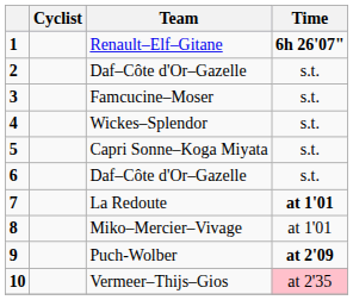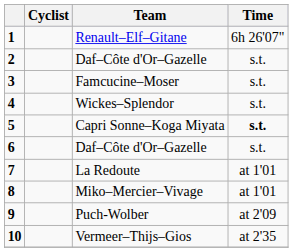 <table class="wikitable">
 <tr style="background:#ccccff;">
 <th></th>
 <th>Cyclist</th>
 <th>Team</th>
 <th>Time</th>
 </tr>
 <tr>
 <td><strong>1</strong></td>
 <td></td>
 <td><a href='#'>Renault–Elf–Gitane</a></td>
-<td align=center><strong>6h 26'07"</strong></td>
+<td align=center>6h 26'07"</td>
 </tr>
 <tr>
 <td><strong>2</strong></td>
 <td></td>
 <td>Daf–Côte d'Or–Gazelle</td>
 <td align=center>s.t.</td>
 </tr>
 <tr>
 <td><strong>3</strong></td>
 <td></td>
 <td>Famcucine–Moser</td>
 <td align=center>s.t.</td>
 </tr>
 <tr>
 <td><strong>4</strong></td>
 <td></td>
 <td>Wickes–Splendor</td>
 <td align=center>s.t.</td>
 </tr>
 <tr>
 <td><strong>5</strong></td>
 <td></td>
 <td>Capri Sonne–Koga Miyata</td>
-<td align=center>s.t.</td>
+<td align=center><strong>s.t.</strong></td>
 </tr>
 <tr>
 <td><strong>6</strong></td>
 <td></td>
 <td>Daf–Côte d'Or–Gazelle</td>
 <td align=center>s.t.</td>
 </tr>
 <tr>
 <td><strong>7</strong></td>
 <td></td>
 <td>La Redoute</td>
-<td align=center><strong>at 1'01</strong></td>
+<td align=center>at 1'01</td>
 </tr>
 <tr>
 <td><strong>8</strong></td>
 <td></td>
 <td>Miko–Mercier–Vivage</td>
 <td align=center>at 1'01</td>
 </tr>
 <tr>
 <td><strong>9</strong></td>
 <td></td>
 <td>Puch-Wolber</td>
-<td align=center><strong>at 2'09</strong></td>
+<td align=center>at 2'09</td>
 </tr>
 <tr>
 <td><strong>10</strong></td>
 <td></td>
 <td>Vermeer–Thijs–Gios</td>
-<td align=center style="background: pink;">at 2'35</td>
+<td align=center>at 2'35</td>
 </tr>
 <tr>
 </tr>
 </table>
